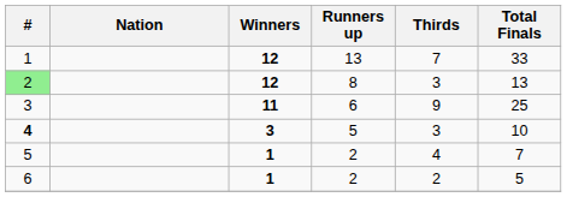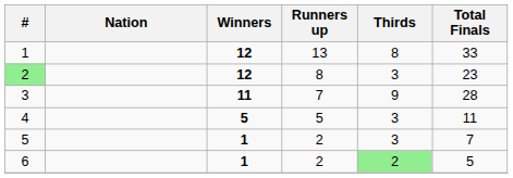 <table class="wikitable">
 <tr>
 <th width=40>#</th>
 <th width=180>Nation</th>
 <th width=80>Winners</th>
 <th width=80>Runners up</th>
 <th width=80>Thirds</th>
 <th width=80>Total Finals</th>
 </tr>
 <tr>
 <td align=center>1</td>
 <td></td>
 <td align=center><strong>12</strong></td>
 <td align=center>13</td>
-<td align=center>7</td>
+<td align=center>8</td>
 <td align=center>33</td>
 </tr>
 <tr>
 <td align=center style="background: lightgreen;">2</td>
 <td></td>
 <td align=center><strong>12</strong></td>
 <td align=center>8</td>
 <td align=center>3</td>
-<td align=center>13</td>
+<td align=center>23</td>
 </tr>
 <tr>
 <td align=center>3</td>
 <td></td>
 <td align=center><strong>11</strong></td>
-<td align=center>6</td>
+<td align=center>7</td>
 <td align=center>9</td>
-<td align=center>25</td>
+<td align=center>28</td>
 </tr>
 <tr>
-<td align=center><strong>4</strong></td>
+<td align=center>4</td>
 <td></td>
-<td align=center><strong>3</strong></td>
+<td align=center><strong>5</strong></td>
 <td align=center>5</td>
 <td align=center>3</td>
-<td align=center>10</td>
+<td align=center>11</td>
 </tr>
 <tr>
 <td align=center>5</td>
 <td></td>
 <td align=center><strong>1</strong></td>
 <td align=center>2</td>
-<td align=center>4</td>
+<td align=center>3</td>
 <td align=center>7</td>
 </tr>
 <tr>
 <td align=center>6</td>
 <td></td>
 <td align=center><strong>1</strong></td>
 <td align=center>2</td>
-<td align=center>2</td>
+<td align=center style="background: lightgreen;">2</td>
 <td align=center>5</td>
 </tr>
 <tr>
 </tr>
 </table>
